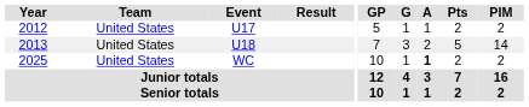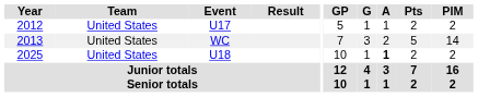 <table border="0" cellpadding="1" cellspacing="0" ID="Table3" style="text-align:center; width:40em">
 <tr ALIGN="center" bgcolor="#e0e0e0">
 <th>Year</th>
 <th>Team</th>
 <th>Event</th>
 <th>Result</th>
 <th rowspan="99" bgcolor="#ffffff"></th>
 <th>GP</th>
 <th>G</th>
 <th>A</th>
 <th>Pts</th>
 <th>PIM</th>
 </tr>
 <tr>
 <td><a href='#'>2012</a></td>
 <td><a href='#'>United States</a></td>
 <td><a href='#'>U17</a></td>
 <td></td>
 <td>5</td>
 <td>1</td>
 <td>1</td>
 <td>2</td>
 <td>2</td>
 </tr>
 <tr bgcolor="#f0f0f0">
 <td><a href='#'>2013</a></td>
 <td>United States</td>
-<td><a href='#'>U18</a></td>
+<td><a href='#'>WC</a></td>
 <td></td>
 <td>7</td>
 <td>3</td>
 <td>2</td>
 <td>5</td>
 <td>14</td>
 </tr>
 <tr>
 <td><a href='#'>2025</a></td>
 <td><a href='#'>United States</a></td>
-<td><a href='#'>WC</a></td>
+<td><a href='#'>U18</a></td>
 <td></td>
 <td>10</td>
 <td>1</td>
 <td><strong>1</strong></td>
 <td>2</td>
 <td>2</td>
 </tr>
 <tr bgcolor="#e0e0e0">
 <th colspan="4">Junior totals</th>
 <th>12</th>
 <th>4</th>
 <th>3</th>
 <th>7</th>
 <th>16</th>
 </tr>
 <tr bgcolor="#e0e0e0">
 <th colspan="4">Senior totals</th>
 <th>10</th>
 <th>1</th>
 <th>1</th>
 <th>2</th>
 <th>2</th>
 </tr>
 </table>
